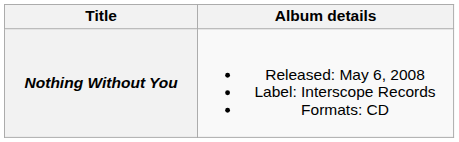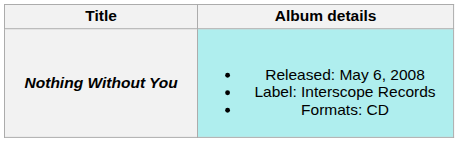 <table class="wikitable plainrowheaders" style="text-align:center;" border="1">
 <tr>
 <th scope="col" rowspan="1" style="width:12em;">Title</th>
 <th scope="col" rowspan="1" style="width:16em;">Album details</th>
 </tr>
 <tr>
 <th scope="row"><em>Nothing Without You</em></th>
-<td><br><ul><li>Released: May 6, 2008</li><li>Label: Interscope Records</li><li>Formats: CD</li></ul></td>
+<td style="background: paleturquoise;"><br><ul><li>Released: May 6, 2008</li><li>Label: Interscope Records</li><li>Formats: CD</li></ul></td>
 </tr>
 </table>
